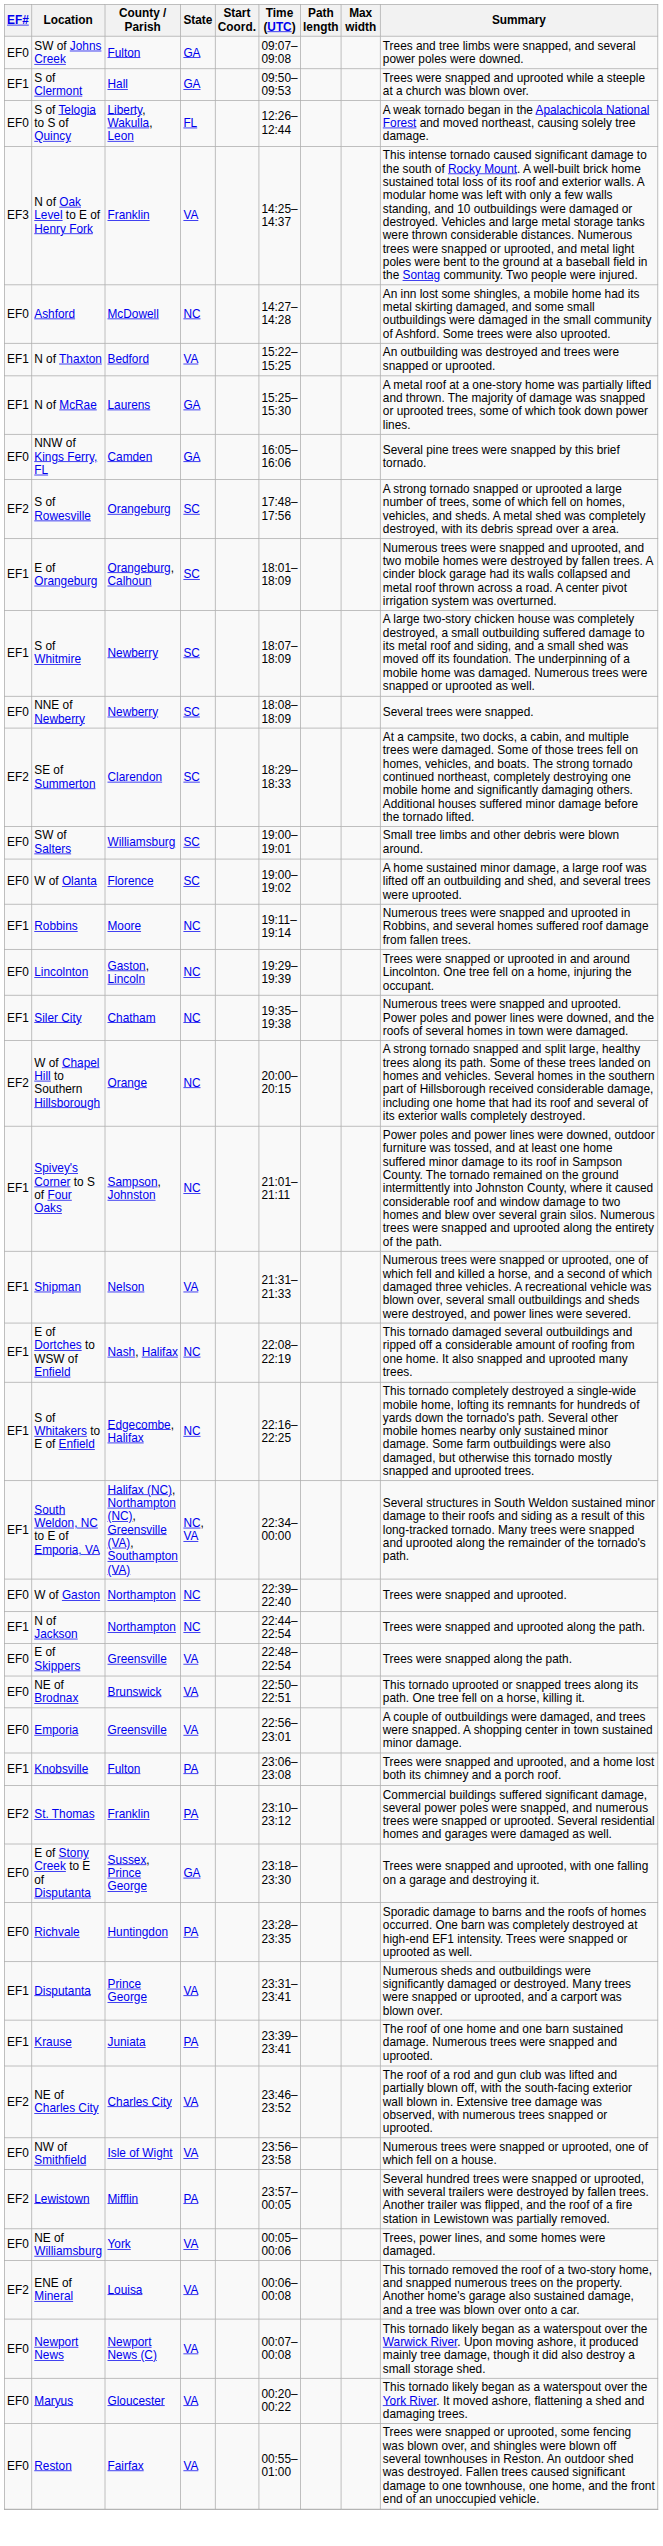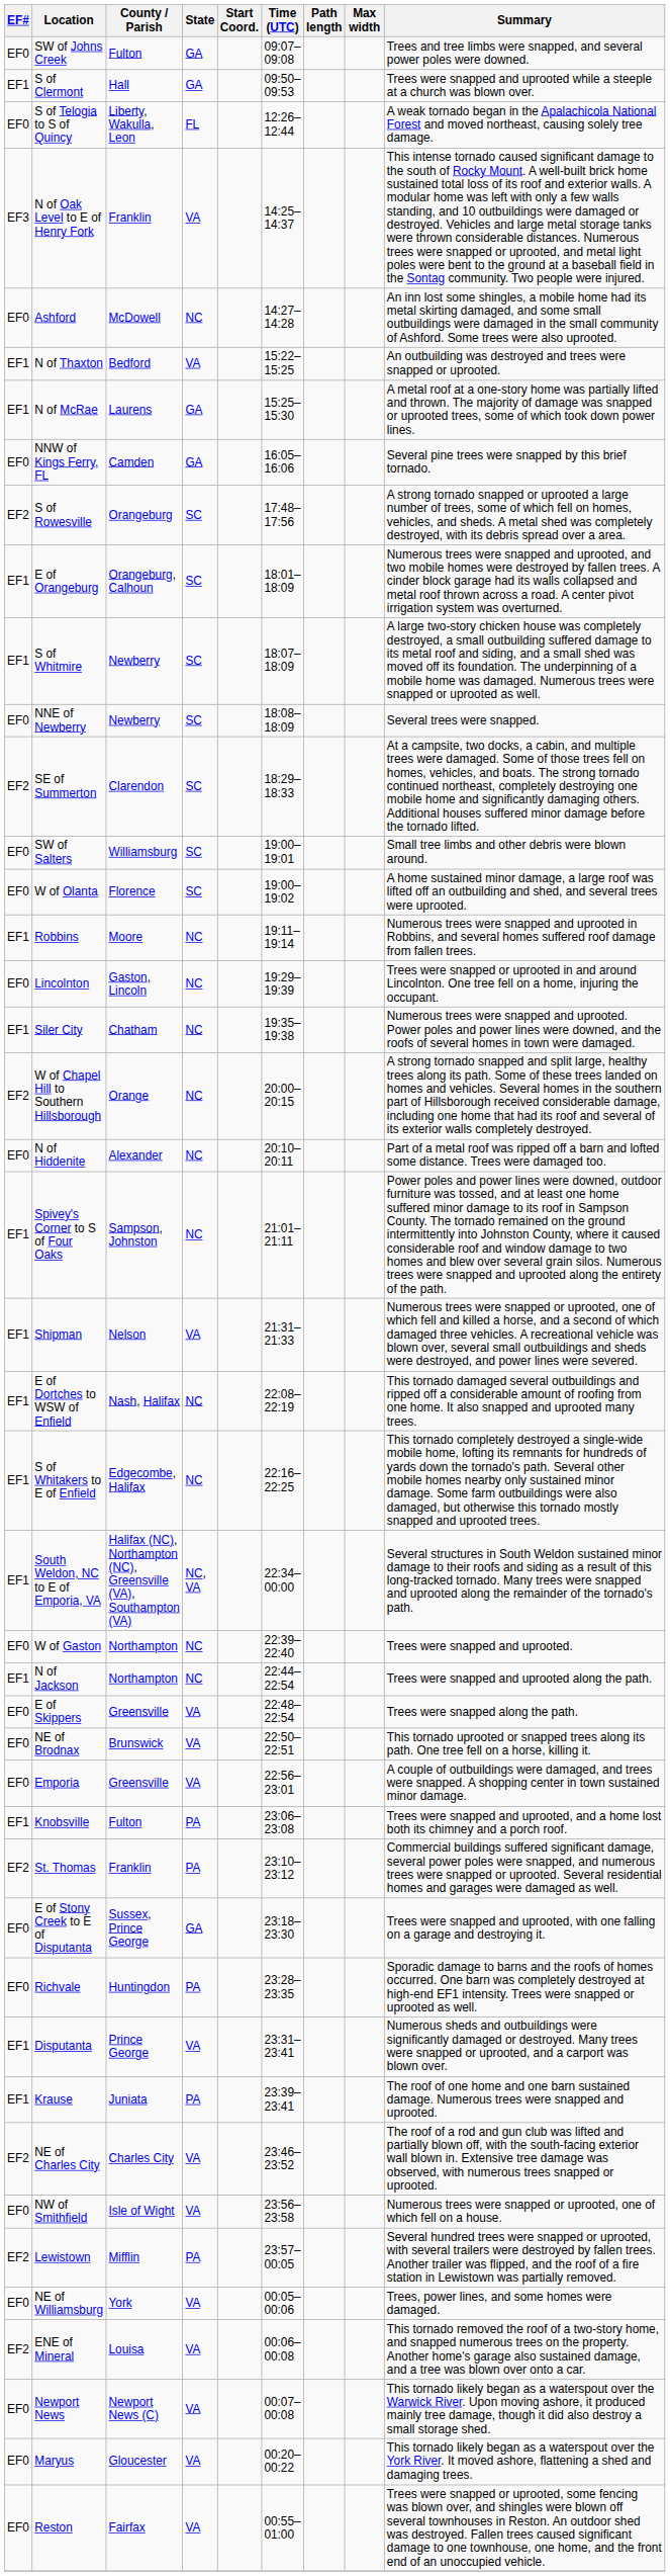 <table class="wikitable sortable" style="width:100%;">
 <tr>
 <th scope="col"  style="width:3%; text-align:center;"><a href='#'>EF#</a></th>
 <th scope="col"  style="width:7%; text-align:center;" class="unsortable">Location</th>
 <th scope="col"  style="width:6%; text-align:center;" class="unsortable">County / Parish</th>
 <th scope="col"  style="width:5%; text-align:center;">State</th>
 <th scope="col"  style="width:6%; text-align:center;">Start Coord.</th>
 <th scope="col"  style="width:6%; text-align:center;">Time (<a href='#'>UTC</a>)</th>
 <th scope="col"  style="width:6%; text-align:center;">Path length</th>
 <th scope="col"  style="width:6%; text-align:center;">Max width</th>
 <th scope="col" class="unsortable" style="width:48%; text-align:center;">Summary</th>
 </tr>
 <tr>
 <td>EF0</td>
 <td>SW of <a href='#'>Johns Creek</a></td>
 <td><a href='#'>Fulton</a></td>
 <td><a href='#'>GA</a></td>
 <td></td>
 <td>09:07–09:08</td>
 <td></td>
 <td></td>
 <td>Trees and tree limbs were snapped, and several power poles were downed.</td>
 </tr>
 <tr>
 <td>EF1</td>
 <td>S of <a href='#'>Clermont</a></td>
 <td><a href='#'>Hall</a></td>
 <td><a href='#'>GA</a></td>
 <td></td>
 <td>09:50–09:53</td>
 <td></td>
 <td></td>
 <td>Trees were snapped and uprooted while a steeple at a church was blown over.</td>
 </tr>
 <tr>
 <td>EF0</td>
 <td>S of <a href='#'>Telogia</a> to S of <a href='#'>Quincy</a></td>
 <td><a href='#'>Liberty</a>, <a href='#'>Wakulla</a>, <a href='#'>Leon</a></td>
 <td><a href='#'>FL</a></td>
 <td></td>
 <td>12:26–12:44</td>
 <td></td>
 <td></td>
 <td>A weak tornado began in the <a href='#'>Apalachicola National Forest</a> and moved northeast, causing solely tree damage.</td>
 </tr>
 <tr>
 <td>EF3</td>
 <td>N of <a href='#'>Oak Level</a> to E of <a href='#'>Henry Fork</a></td>
 <td><a href='#'>Franklin</a></td>
 <td><a href='#'>VA</a></td>
 <td></td>
 <td>14:25–14:37</td>
 <td></td>
 <td></td>
 <td>This intense tornado caused significant damage to the south of <a href='#'>Rocky Mount</a>. A well-built brick home sustained total loss of its roof and exterior walls. A modular home was left with only a few walls standing, and 10 outbuildings were damaged or destroyed. Vehicles and large metal storage tanks were thrown considerable distances. Numerous trees were snapped or uprooted, and metal light poles were bent to the ground at a baseball field in the <a href='#'>Sontag</a> community. Two people were injured.</td>
 </tr>
 <tr>
 <td>EF0</td>
 <td><a href='#'>Ashford</a></td>
 <td><a href='#'>McDowell</a></td>
 <td><a href='#'>NC</a></td>
 <td></td>
 <td>14:27–14:28</td>
 <td></td>
 <td></td>
 <td>An inn lost some shingles, a mobile home had its metal skirting damaged, and some small outbuildings were damaged in the small community of Ashford. Some trees were also uprooted.</td>
 </tr>
 <tr>
 <td>EF1</td>
 <td>N of <a href='#'>Thaxton</a></td>
 <td><a href='#'>Bedford</a></td>
 <td><a href='#'>VA</a></td>
 <td></td>
 <td>15:22–15:25</td>
 <td></td>
 <td></td>
 <td>An outbuilding was destroyed and trees were snapped or uprooted.</td>
 </tr>
 <tr>
 <td>EF1</td>
 <td>N of <a href='#'>McRae</a></td>
 <td><a href='#'>Laurens</a></td>
 <td><a href='#'>GA</a></td>
 <td></td>
 <td>15:25–15:30</td>
 <td></td>
 <td></td>
 <td>A metal roof at a one-story home was partially lifted and thrown. The majority of damage was snapped or uprooted trees, some of which took down power lines.</td>
 </tr>
 <tr>
 <td>EF0</td>
 <td>NNW of <a href='#'>Kings Ferry, FL</a></td>
 <td><a href='#'>Camden</a></td>
 <td><a href='#'>GA</a></td>
 <td></td>
 <td>16:05–16:06</td>
 <td></td>
 <td></td>
 <td>Several pine trees were snapped by this brief tornado.</td>
 </tr>
 <tr>
 <td>EF2</td>
 <td>S of <a href='#'>Rowesville</a></td>
 <td><a href='#'>Orangeburg</a></td>
 <td><a href='#'>SC</a></td>
 <td></td>
 <td>17:48–17:56</td>
 <td></td>
 <td></td>
 <td>A strong tornado snapped or uprooted a large number of trees, some of which fell on homes, vehicles, and sheds. A metal shed was completely destroyed, with its debris spread over a  area.</td>
 </tr>
 <tr>
 <td>EF1</td>
 <td>E of <a href='#'>Orangeburg</a></td>
 <td><a href='#'>Orangeburg</a>, <a href='#'>Calhoun</a></td>
 <td><a href='#'>SC</a></td>
 <td></td>
 <td>18:01–18:09</td>
 <td></td>
 <td></td>
 <td>Numerous trees were snapped and uprooted, and two mobile homes were destroyed by fallen trees. A cinder block garage had its walls collapsed and metal roof thrown across a road. A center pivot irrigation system was overturned.</td>
 </tr>
 <tr>
 <td>EF1</td>
 <td>S of <a href='#'>Whitmire</a></td>
 <td><a href='#'>Newberry</a></td>
 <td><a href='#'>SC</a></td>
 <td></td>
 <td>18:07–18:09</td>
 <td></td>
 <td></td>
 <td>A large two-story chicken house was completely destroyed, a small outbuilding suffered damage to its metal roof and siding, and a small shed was moved  off its foundation. The underpinning of a mobile home was damaged. Numerous trees were snapped or uprooted as well.</td>
 </tr>
 <tr>
 <td>EF0</td>
 <td>NNE of <a href='#'>Newberry</a></td>
 <td><a href='#'>Newberry</a></td>
 <td><a href='#'>SC</a></td>
 <td></td>
 <td>18:08–18:09</td>
 <td></td>
 <td></td>
 <td>Several trees were snapped.</td>
 </tr>
 <tr>
 <td>EF2</td>
 <td>SE of <a href='#'>Summerton</a></td>
 <td><a href='#'>Clarendon</a></td>
 <td><a href='#'>SC</a></td>
 <td></td>
 <td>18:29–18:33</td>
 <td></td>
 <td></td>
 <td>At a campsite, two docks, a cabin, and multiple trees were damaged. Some of those trees fell on homes, vehicles, and boats. The strong tornado continued northeast, completely destroying one mobile home and significantly damaging others. Additional houses suffered minor damage before the tornado lifted.</td>
 </tr>
 <tr>
 <td>EF0</td>
 <td>SW of <a href='#'>Salters</a></td>
 <td><a href='#'>Williamsburg</a></td>
 <td><a href='#'>SC</a></td>
 <td></td>
 <td>19:00–19:01</td>
 <td></td>
 <td></td>
 <td>Small tree limbs and other debris were blown around.</td>
 </tr>
 <tr>
 <td>EF0</td>
 <td>W of <a href='#'>Olanta</a></td>
 <td><a href='#'>Florence</a></td>
 <td><a href='#'>SC</a></td>
 <td></td>
 <td>19:00–19:02</td>
 <td></td>
 <td></td>
 <td>A home sustained minor damage, a large roof was lifted off an outbuilding and shed, and several trees were uprooted.</td>
 </tr>
 <tr>
 <td>EF1</td>
 <td><a href='#'>Robbins</a></td>
 <td><a href='#'>Moore</a></td>
 <td><a href='#'>NC</a></td>
 <td></td>
 <td>19:11–19:14</td>
 <td></td>
 <td></td>
 <td>Numerous trees were snapped and uprooted in Robbins, and several homes suffered roof damage from fallen trees.</td>
 </tr>
 <tr>
 <td>EF0</td>
 <td><a href='#'>Lincolnton</a></td>
 <td><a href='#'>Gaston</a>, <a href='#'>Lincoln</a></td>
 <td><a href='#'>NC</a></td>
 <td></td>
 <td>19:29–19:39</td>
 <td></td>
 <td></td>
 <td>Trees were snapped or uprooted in and around Lincolnton. One tree fell on a home, injuring the occupant.</td>
 </tr>
 <tr>
 <td>EF1</td>
 <td><a href='#'>Siler City</a></td>
 <td><a href='#'>Chatham</a></td>
 <td><a href='#'>NC</a></td>
 <td></td>
 <td>19:35–19:38</td>
 <td></td>
 <td></td>
 <td>Numerous trees were snapped and uprooted. Power poles and power lines were downed, and the roofs of several homes in town were damaged.</td>
 </tr>
 <tr>
 <td>EF2</td>
 <td>W of <a href='#'>Chapel Hill</a> to Southern <a href='#'>Hillsborough</a></td>
 <td><a href='#'>Orange</a></td>
 <td><a href='#'>NC</a></td>
 <td></td>
 <td>20:00–20:15</td>
 <td></td>
 <td></td>
 <td>A strong tornado snapped and split large, healthy trees along its path. Some of these trees landed on homes and vehicles. Several homes in the southern part of Hillsborough received considerable damage, including one home that had its roof and several of its exterior walls completely destroyed.</td>
+</tr>
+<tr>
+<td>EF0</td>
+<td>N of <a href='#'>Hiddenite</a></td>
+<td><a href='#'>Alexander</a></td>
+<td><a href='#'>NC</a></td>
+<td></td>
+<td>20:10–20:11</td>
+<td></td>
+<td></td>
+<td>Part of a metal roof was ripped off a barn and lofted some distance. Trees were damaged too.</td>
 </tr>
 <tr>
 <td>EF1</td>
 <td><a href='#'>Spivey's Corner</a> to S of <a href='#'>Four Oaks</a></td>
 <td><a href='#'>Sampson</a>, <a href='#'>Johnston</a></td>
 <td><a href='#'>NC</a></td>
 <td></td>
 <td>21:01–21:11</td>
 <td></td>
 <td></td>
 <td>Power poles and power lines were downed, outdoor furniture was tossed, and at least one home suffered minor damage to its roof in Sampson County. The tornado remained on the ground intermittently into Johnston County, where it caused considerable roof and window damage to two homes and blew over several grain silos. Numerous trees were snapped and uprooted along the entirety of the path.</td>
 </tr>
 <tr>
 <td>EF1</td>
 <td><a href='#'>Shipman</a></td>
 <td><a href='#'>Nelson</a></td>
 <td><a href='#'>VA</a></td>
 <td></td>
 <td>21:31–21:33</td>
 <td></td>
 <td></td>
 <td>Numerous trees were snapped or uprooted, one of which fell and killed a horse, and a second of which damaged three vehicles. A recreational vehicle was blown over, several small outbuildings and sheds were destroyed, and power lines were severed.</td>
 </tr>
 <tr>
 <td>EF1</td>
 <td>E of <a href='#'>Dortches</a> to WSW of <a href='#'>Enfield</a></td>
 <td><a href='#'>Nash</a>, <a href='#'>Halifax</a></td>
 <td><a href='#'>NC</a></td>
 <td></td>
 <td>22:08–22:19</td>
 <td></td>
 <td></td>
 <td>This tornado damaged several outbuildings and ripped off a considerable amount of roofing from one home. It also snapped and uprooted many trees.</td>
 </tr>
 <tr>
 <td>EF1</td>
 <td>S of <a href='#'>Whitakers</a> to E of <a href='#'>Enfield</a></td>
 <td><a href='#'>Edgecombe</a>, <a href='#'>Halifax</a></td>
 <td><a href='#'>NC</a></td>
 <td></td>
 <td>22:16–22:25</td>
 <td></td>
 <td></td>
 <td>This tornado completely destroyed a single-wide mobile home, lofting its remnants for hundreds of yards down the tornado's path. Several other mobile homes nearby only sustained minor damage. Some farm outbuildings were also damaged, but otherwise this tornado mostly snapped and uprooted trees.</td>
 </tr>
 <tr>
 <td>EF1</td>
 <td><a href='#'>South Weldon, NC</a> to E of <a href='#'>Emporia, VA</a></td>
 <td><a href='#'>Halifax (NC)</a>, <a href='#'>Northampton (NC)</a>, <a href='#'>Greensville (VA)</a>, <a href='#'>Southampton (VA)</a></td>
 <td><a href='#'>NC</a>, <a href='#'>VA</a></td>
 <td></td>
 <td>22:34–00:00</td>
 <td></td>
 <td></td>
 <td>Several structures in South Weldon sustained minor damage to their roofs and siding as a result of this long-tracked tornado. Many trees were snapped and uprooted along the remainder of the tornado's path.</td>
 </tr>
 <tr>
 <td>EF0</td>
 <td>W of <a href='#'>Gaston</a></td>
 <td><a href='#'>Northampton</a></td>
 <td><a href='#'>NC</a></td>
 <td></td>
 <td>22:39–22:40</td>
 <td></td>
 <td></td>
 <td>Trees were snapped and uprooted.</td>
 </tr>
 <tr>
 <td>EF1</td>
 <td>N of <a href='#'>Jackson</a></td>
 <td><a href='#'>Northampton</a></td>
 <td><a href='#'>NC</a></td>
 <td></td>
 <td>22:44–22:54</td>
 <td></td>
 <td></td>
 <td>Trees were snapped and uprooted along the path.</td>
 </tr>
 <tr>
 <td>EF0</td>
 <td>E of <a href='#'>Skippers</a></td>
 <td><a href='#'>Greensville</a></td>
 <td><a href='#'>VA</a></td>
 <td></td>
 <td>22:48–22:54</td>
 <td></td>
 <td></td>
 <td>Trees were snapped along the path.</td>
 </tr>
 <tr>
 <td>EF0</td>
 <td>NE of <a href='#'>Brodnax</a></td>
 <td><a href='#'>Brunswick</a></td>
 <td><a href='#'>VA</a></td>
 <td></td>
 <td>22:50–22:51</td>
 <td></td>
 <td></td>
 <td>This tornado uprooted or snapped trees along its path. One tree fell on a horse, killing it.</td>
 </tr>
 <tr>
 <td>EF0</td>
 <td><a href='#'>Emporia</a></td>
 <td><a href='#'>Greensville</a></td>
 <td><a href='#'>VA</a></td>
 <td></td>
 <td>22:56–23:01</td>
 <td></td>
 <td></td>
 <td>A couple of outbuildings were damaged, and trees were snapped. A shopping center in town sustained minor damage.</td>
 </tr>
 <tr>
 <td>EF1</td>
 <td><a href='#'>Knobsville</a></td>
 <td><a href='#'>Fulton</a></td>
 <td><a href='#'>PA</a></td>
 <td></td>
 <td>23:06–23:08</td>
 <td></td>
 <td></td>
 <td>Trees were snapped and uprooted, and a home lost both its chimney and a porch roof.</td>
 </tr>
 <tr>
 <td>EF2</td>
 <td><a href='#'>St. Thomas</a></td>
 <td><a href='#'>Franklin</a></td>
 <td><a href='#'>PA</a></td>
 <td></td>
 <td>23:10–23:12</td>
 <td></td>
 <td></td>
 <td>Commercial buildings suffered significant damage, several power poles were snapped, and numerous trees were snapped or uprooted. Several residential homes and garages were damaged as well.</td>
 </tr>
 <tr>
 <td>EF0</td>
 <td>E of <a href='#'>Stony Creek</a> to E of <a href='#'>Disputanta</a></td>
 <td><a href='#'>Sussex</a>, <a href='#'>Prince George</a></td>
 <td><a href='#'>GA</a></td>
 <td></td>
 <td>23:18–23:30</td>
 <td></td>
 <td></td>
 <td>Trees were snapped and uprooted, with one falling on a garage and destroying it.</td>
 </tr>
 <tr>
 <td>EF0</td>
 <td><a href='#'>Richvale</a></td>
 <td><a href='#'>Huntingdon</a></td>
 <td><a href='#'>PA</a></td>
 <td></td>
 <td>23:28–23:35</td>
 <td></td>
 <td></td>
 <td>Sporadic damage to barns and the roofs of homes occurred. One barn was completely destroyed at high-end EF1 intensity. Trees were snapped or uprooted as well.</td>
 </tr>
 <tr>
 <td>EF1</td>
 <td><a href='#'>Disputanta</a></td>
 <td><a href='#'>Prince George</a></td>
 <td><a href='#'>VA</a></td>
 <td></td>
 <td>23:31–23:41</td>
 <td></td>
 <td></td>
 <td>Numerous sheds and outbuildings were significantly damaged or destroyed. Many trees were snapped or uprooted, and a carport was blown over.</td>
 </tr>
 <tr>
 <td>EF1</td>
 <td><a href='#'>Krause</a></td>
 <td><a href='#'>Juniata</a></td>
 <td><a href='#'>PA</a></td>
 <td></td>
 <td>23:39–23:41</td>
 <td></td>
 <td></td>
 <td>The roof of one home and one barn sustained damage. Numerous trees were snapped and uprooted.</td>
 </tr>
 <tr>
 <td>EF2</td>
 <td>NE of <a href='#'>Charles City</a></td>
 <td><a href='#'>Charles City</a></td>
 <td><a href='#'>VA</a></td>
 <td></td>
 <td>23:46–23:52</td>
 <td></td>
 <td></td>
 <td>The roof of a rod and gun club was lifted and partially blown off, with the south-facing exterior wall blown in. Extensive tree damage was observed, with numerous trees snapped or uprooted.</td>
 </tr>
 <tr>
 <td>EF0</td>
 <td>NW of <a href='#'>Smithfield</a></td>
 <td><a href='#'>Isle of Wight</a></td>
 <td><a href='#'>VA</a></td>
 <td></td>
 <td>23:56–23:58</td>
 <td></td>
 <td></td>
 <td>Numerous trees were snapped or uprooted, one of which fell on a house.</td>
 </tr>
 <tr>
 <td>EF2</td>
 <td><a href='#'>Lewistown</a></td>
 <td><a href='#'>Mifflin</a></td>
 <td><a href='#'>PA</a></td>
 <td></td>
 <td>23:57–00:05</td>
 <td></td>
 <td></td>
 <td>Several hundred trees were snapped or uprooted, with several trailers were destroyed by fallen trees. Another trailer was flipped, and the roof of a fire station in Lewistown was partially removed.</td>
 </tr>
 <tr>
 <td>EF0</td>
 <td>NE of <a href='#'>Williamsburg</a></td>
 <td><a href='#'>York</a></td>
 <td><a href='#'>VA</a></td>
 <td></td>
 <td>00:05–00:06</td>
 <td></td>
 <td></td>
 <td>Trees, power lines, and some homes were damaged.</td>
 </tr>
 <tr>
 <td>EF2</td>
 <td>ENE of <a href='#'>Mineral</a></td>
 <td><a href='#'>Louisa</a></td>
 <td><a href='#'>VA</a></td>
 <td></td>
 <td>00:06–00:08</td>
 <td></td>
 <td></td>
 <td>This tornado removed the roof of a two-story home, and snapped numerous trees on the property. Another home's garage also sustained damage, and a tree was blown over onto a car.</td>
 </tr>
 <tr>
 <td>EF0</td>
 <td><a href='#'>Newport News</a></td>
 <td><a href='#'>Newport News (C)</a></td>
 <td><a href='#'>VA</a></td>
 <td></td>
 <td>00:07–00:08</td>
 <td></td>
 <td></td>
 <td>This tornado likely began as a waterspout over the <a href='#'>Warwick River</a>. Upon moving ashore, it produced mainly tree damage, though it did also destroy a small storage shed.</td>
 </tr>
 <tr>
 <td>EF0</td>
 <td><a href='#'>Maryus</a></td>
 <td><a href='#'>Gloucester</a></td>
 <td><a href='#'>VA</a></td>
 <td></td>
 <td>00:20–00:22</td>
 <td></td>
 <td></td>
 <td>This tornado likely began as a waterspout over the <a href='#'>York River</a>. It moved ashore, flattening a shed and damaging trees.</td>
 </tr>
 <tr>
 <td>EF0</td>
 <td><a href='#'>Reston</a></td>
 <td><a href='#'>Fairfax</a></td>
 <td><a href='#'>VA</a></td>
 <td></td>
 <td>00:55–01:00</td>
 <td></td>
 <td></td>
 <td>Trees were snapped or uprooted, some fencing was blown over, and shingles were blown off several townhouses in Reston. An outdoor shed was destroyed. Fallen trees caused significant damage to one townhouse, one home, and the front end of an unoccupied vehicle.</td>
 </tr>
 <tr>
 </tr>
 </table>
